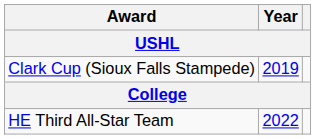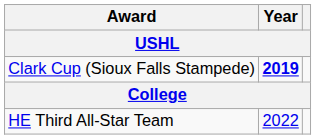 <table class="wikitable">
 <tr>
 <th>Award</th>
 <th>Year</th>
 <th></th>
 </tr>
 <tr>
 <th colspan="3"><a href='#'>USHL</a></th>
 </tr>
 <tr>
 <td><a href='#'>Clark Cup</a> (Sioux Falls Stampede)</td>
-<td><a href='#'>2019</a></td>
+<td><strong><a href='#'>2019</a></strong></td>
 <td></td>
 </tr>
 <tr>
 <th colspan="3"><a href='#'>College</a></th>
 </tr>
 <tr>
 <td><a href='#'>HE</a> Third All-Star Team</td>
 <td><a href='#'>2022</a></td>
 <td></td>
 </tr>
 </table>
